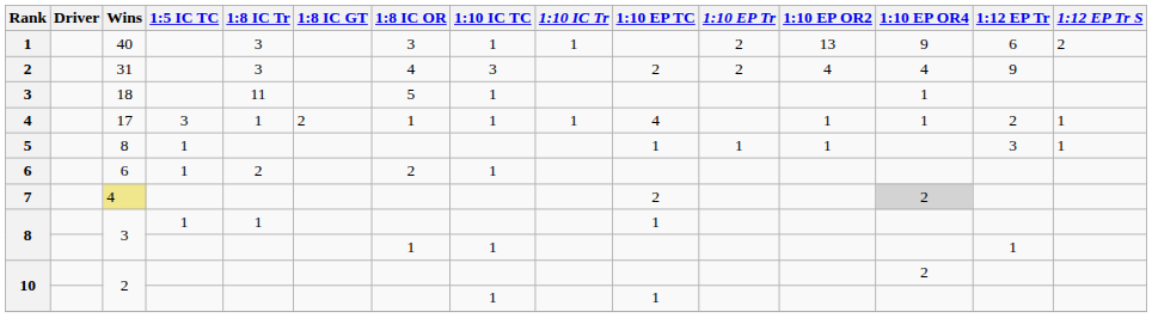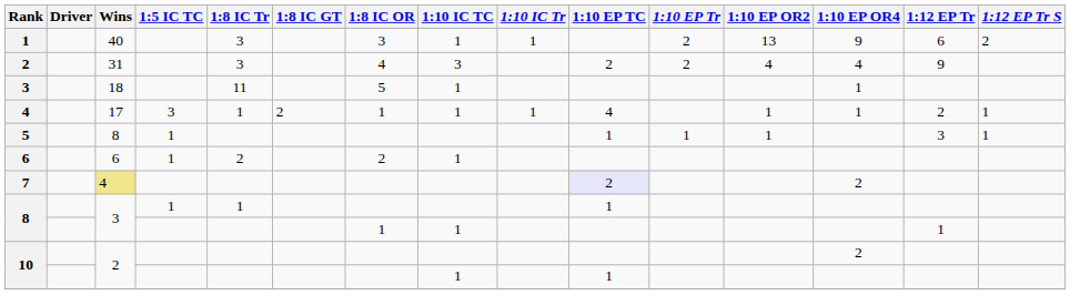 <table class="wikitable">
 <tr>
 <th>Rank</th>
 <th>Driver</th>
 <th>Wins</th>
 <th><a href='#'>1:5 IC TC</a></th>
 <th><a href='#'>1:8 IC Tr</a></th>
 <th><a href='#'>1:8 IC GT</a></th>
 <th><a href='#'>1:8 IC OR</a></th>
 <th><a href='#'>1:10 IC TC</a></th>
 <th><a href='#'><em>1:10 IC Tr</em></a></th>
 <th><a href='#'>1:10 EP TC</a></th>
 <th><a href='#'><em>1:10 EP Tr</em></a></th>
 <th><a href='#'>1:10 EP OR2</a></th>
 <th><a href='#'>1:10 EP OR4</a></th>
 <th><a href='#'>1:12 EP Tr</a></th>
 <th><a href='#'><em>1:12 EP Tr S</em></a></th>
 </tr>
 <tr>
 <th>1</th>
 <td></td>
 <td style="text-align:center;">40</td>
 <td style="text-align:center;"></td>
 <td style="text-align:center;">3</td>
 <td></td>
 <td style="text-align:center;">3</td>
 <td style="text-align:center;">1</td>
 <td style="text-align:center;">1</td>
 <td style="text-align:center;"></td>
 <td style="text-align:center;">2</td>
 <td style="text-align:center;">13</td>
 <td style="text-align:center;">9</td>
 <td style="text-align:center;">6</td>
 <td>2</td>
 </tr>
 <tr>
 <th>2</th>
 <td></td>
 <td style="text-align:center;">31</td>
 <td style="text-align:center;"></td>
 <td style="text-align:center;">3</td>
 <td></td>
 <td style="text-align:center;">4</td>
 <td style="text-align:center;">3</td>
 <td style="text-align:center;"></td>
 <td style="text-align:center;">2</td>
 <td style="text-align:center;">2</td>
 <td style="text-align:center;">4</td>
 <td style="text-align:center;">4</td>
 <td style="text-align:center;">9</td>
 <td></td>
 </tr>
 <tr>
 <th>3</th>
 <td></td>
 <td style="text-align:center;">18</td>
 <td style="text-align:center;"></td>
 <td style="text-align:center;">11</td>
 <td></td>
 <td style="text-align:center;">5</td>
 <td style="text-align:center;">1</td>
 <td style="text-align:center;"></td>
 <td style="text-align:center;"></td>
 <td style="text-align:center;"></td>
 <td style="text-align:center;"></td>
 <td style="text-align:center;">1</td>
 <td style="text-align:center;"></td>
 <td></td>
 </tr>
 <tr>
 <th>4</th>
 <td></td>
 <td style="text-align:center;">17</td>
 <td style="text-align:center;">3</td>
 <td style="text-align:center;">1</td>
 <td>2</td>
 <td style="text-align:center;">1</td>
 <td style="text-align:center;">1</td>
 <td style="text-align:center;">1</td>
 <td style="text-align:center;">4</td>
 <td style="text-align:center;"></td>
 <td style="text-align:center;">1</td>
 <td style="text-align:center;">1</td>
 <td style="text-align:center;">2</td>
 <td>1</td>
 </tr>
 <tr>
 <th>5</th>
 <td></td>
 <td style="text-align:center;">8</td>
 <td style="text-align:center;">1</td>
 <td style="text-align:center;"></td>
 <td></td>
 <td style="text-align:center;"></td>
 <td style="text-align:center;"></td>
 <td style="text-align:center;"></td>
 <td style="text-align:center;">1</td>
 <td style="text-align:center;">1</td>
 <td style="text-align:center;">1</td>
 <td style="text-align:center;"></td>
 <td style="text-align:center;">3</td>
 <td>1</td>
 </tr>
 <tr>
 <th>6</th>
 <td></td>
 <td style="text-align:center;">6</td>
 <td style="text-align:center;">1</td>
 <td style="text-align:center;">2</td>
 <td></td>
 <td style="text-align:center;">2</td>
 <td style="text-align:center;">1</td>
 <td style="text-align:center;"></td>
 <td style="text-align:center;"></td>
 <td style="text-align:center;"></td>
 <td style="text-align:center;"></td>
 <td style="text-align:center;"></td>
 <td style="text-align:center;"></td>
 <td></td>
 </tr>
 <tr>
 <th>7</th>
 <td></td>
 <td style="background: khaki;">4</td>
 <td style="text-align:center;"></td>
 <td style="text-align:center;"></td>
 <td></td>
 <td style="text-align:center;"></td>
 <td style="text-align:center;"></td>
 <td style="text-align:center;"></td>
-<td style="text-align:center;">2</td>
+<td style="background: lavender; text-align:center;">2</td>
 <td style="text-align:center;"></td>
 <td style="text-align:center;"></td>
-<td style="background: lightgrey; text-align:center;">2</td>
+<td style="text-align:center;">2</td>
 <td style="text-align:center;"></td>
 <td></td>
 </tr>
 <tr>
 <th rowspan="2">8</th>
 <td></td>
 <td rowspan="2" style="text-align:center;">3</td>
 <td style="text-align:center;">1</td>
 <td style="text-align:center;">1</td>
 <td></td>
 <td style="text-align:center;"></td>
 <td style="text-align:center;"></td>
 <td style="text-align:center;"></td>
 <td style="text-align:center;">1</td>
 <td style="text-align:center;"></td>
 <td style="text-align:center;"></td>
 <td style="text-align:center;"></td>
 <td style="text-align:center;"></td>
 <td></td>
 </tr>
 <tr>
 <td></td>
 <td style="text-align:center;"></td>
 <td style="text-align:center;"></td>
 <td></td>
 <td style="text-align:center;">1</td>
 <td style="text-align:center;">1</td>
 <td style="text-align:center;"></td>
 <td style="text-align:center;"></td>
 <td style="text-align:center;"></td>
 <td style="text-align:center;"></td>
 <td style="text-align:center;"></td>
 <td style="text-align:center;">1</td>
 <td></td>
 </tr>
 <tr>
 <th rowspan="2">10</th>
 <td></td>
 <td rowspan="2" style="text-align:center;">2</td>
 <td style="text-align:center;"></td>
 <td style="text-align:center;"></td>
 <td></td>
 <td style="text-align:center;"></td>
 <td style="text-align:center;"></td>
 <td style="text-align:center;"></td>
 <td style="text-align:center;"></td>
 <td style="text-align:center;"></td>
 <td style="text-align:center;"></td>
 <td style="text-align:center;">2</td>
 <td style="text-align:center;"></td>
 <td></td>
 </tr>
 <tr>
 <td></td>
 <td style="text-align:center;"></td>
 <td style="text-align:center;"></td>
 <td></td>
 <td style="text-align:center;"></td>
 <td style="text-align:center;">1</td>
 <td style="text-align:center;"></td>
 <td style="text-align:center;">1</td>
 <td style="text-align:center;"></td>
 <td style="text-align:center;"></td>
 <td style="text-align:center;"></td>
 <td style="text-align:center;"></td>
 <td></td>
 </tr>
 <tr>
 </tr>
 </table>
